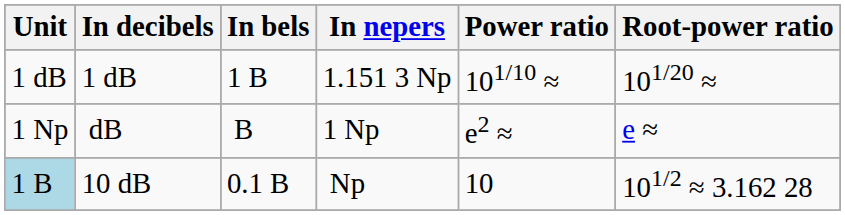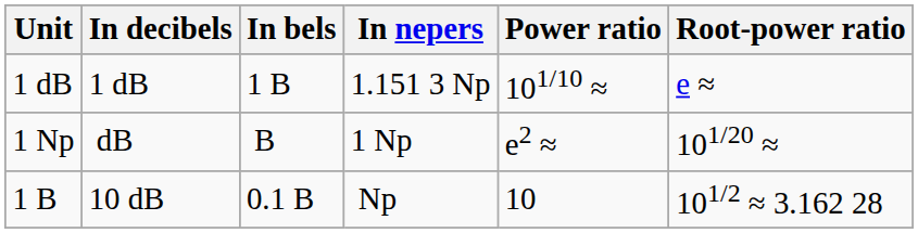 <table class="wikitable">
 <tr>
 <th>Unit</th>
 <th>In decibels</th>
 <th>In bels</th>
 <th>In <a href='#'>nepers</a></th>
 <th>Power ratio</th>
 <th>Root-power ratio</th>
 </tr>
 <tr>
 <td>1 dB</td>
 <td>1 dB</td>
 <td>1 B</td>
 <td>1.151 3 Np</td>
 <td>10<sup>1/10</sup> ≈ </td>
-<td>10<sup>1/20</sup> ≈ </td>
+<td><a href='#'>e</a> ≈ </td>
 </tr>
 <tr>
 <td>1 Np</td>
 <td> dB</td>
 <td> B</td>
 <td>1 Np</td>
 <td>e<sup>2</sup> ≈ </td>
-<td><a href='#'>e</a> ≈ </td>
+<td>10<sup>1/20</sup> ≈ </td>
 </tr>
 <tr>
-<td style="background: lightblue;">1 B</td>
+<td>1 B</td>
 <td>10 dB</td>
 <td>0.1 B</td>
 <td> Np</td>
 <td>10</td>
 <td>10<sup>1/2</sup> ≈ 3.162 28</td>
 </tr>
 </table>
